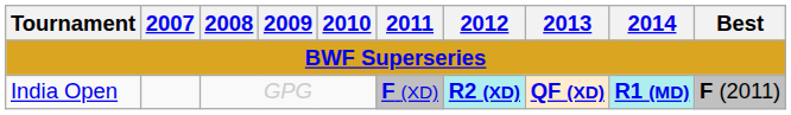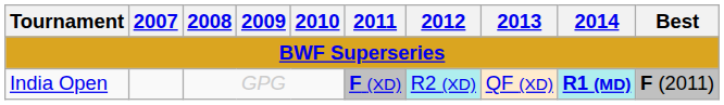 <table class="wikitable" style="font-size: 90%; text-align:center">
 <tr>
 <th>Tournament</th>
 <th><a href='#'>2007</a></th>
 <th><a href='#'>2008</a></th>
 <th><a href='#'>2009</a></th>
 <th><a href='#'>2010</a></th>
 <th><a href='#'>2011</a></th>
 <th><a href='#'>2012</a></th>
 <th><a href='#'>2013</a></th>
 <th><a href='#'>2014</a></th>
 <th>Best</th>
 </tr>
 <tr bgcolor=DAA520>
 <td colspan="10" align=center><strong><a href='#'>BWF Superseries</a></strong></td>
 </tr>
 <tr>
 <td align=left><a href='#'>India Open</a></td>
 <td></td>
 <td colspan="3" style=color:#ccc><em>GPG</em></td>
 <td bgcolor=Silver><a href='#'><strong>F</strong> <small>(XD)</small></a></td>
-<td bgcolor=AFEEEE><strong><a href='#'>R2 <small>(XD)</small></a></strong></td>
-<td bgcolor=FFEBCD><strong><a href='#'>QF <small>(XD)</small></a></strong></td>
+<td bgcolor=AFEEEE><a href='#'>R2 <small>(XD)</small></a></td>
+<td bgcolor=FFEBCD><a href='#'>QF <small>(XD)</small></a></td>
 <td bgcolor=AFEEEE><strong><a href='#'>R1 <small>(MD)</small></a></strong></td>
 <td bgcolor=Silver><strong>F</strong> (2011)</td>
 </tr>
 </table>
